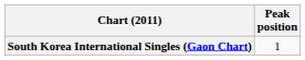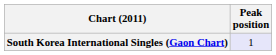 <table class="wikitable sortable plainrowheaders">
 <tr>
 <th scope="col">Chart (2011)</th>
 <th scope="col">Peak<br>position</th>
 </tr>
 <tr>
 <th scope="row">South Korea International Singles (<a href='#'>Gaon Chart</a>)</th>
-<td style="text-align:center;">1</td>
+<td style="background: lavender; text-align:center;">1</td>
 </tr>
 </table>
